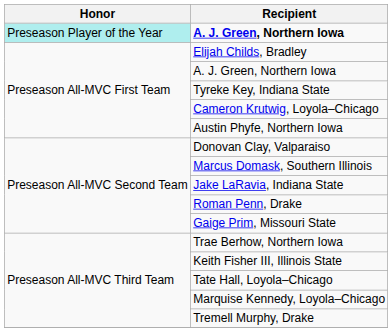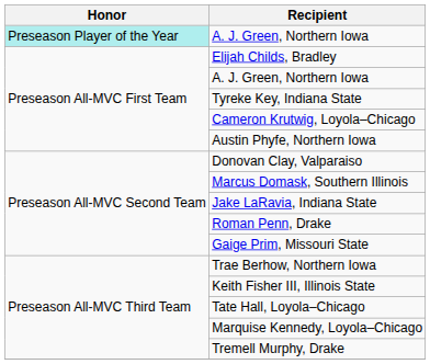 <table class="wikitable" border="1">
 <tr>
 <th>Honor</th>
 <th>Recipient</th>
 </tr>
 <tr>
 <td style="background: paleturquoise;">Preseason Player of the Year</td>
-<td><strong><a href='#'>A. J. Green</a>, Northern Iowa</strong></td>
+<td><a href='#'>A. J. Green</a>, Northern Iowa</td>
 </tr>
 <tr>
 <td rowspan=5 valign=middle>Preseason All-MVC First Team</td>
 <td><a href='#'>Elijah Childs</a>, Bradley</td>
 </tr>
 <tr>
 <td>A. J. Green, Northern Iowa</td>
 </tr>
 <tr>
 <td>Tyreke Key, Indiana State</td>
 </tr>
 <tr>
 <td><a href='#'>Cameron Krutwig</a>, Loyola–Chicago</td>
 </tr>
 <tr>
 <td>Austin Phyfe, Northern Iowa</td>
 </tr>
 <tr>
 <td rowspan=5 valign=middle>Preseason All-MVC Second Team</td>
 <td>Donovan Clay, Valparaiso</td>
 </tr>
 <tr>
 <td><a href='#'>Marcus Domask</a>, Southern Illinois</td>
 </tr>
 <tr>
 <td><a href='#'>Jake LaRavia</a>, Indiana State</td>
 </tr>
 <tr>
 <td><a href='#'>Roman Penn</a>, Drake</td>
 </tr>
 <tr>
 <td><a href='#'>Gaige Prim</a>, Missouri State</td>
 </tr>
 <tr>
 <td rowspan=5 valign=middle>Preseason All-MVC Third Team</td>
 <td>Trae Berhow, Northern Iowa</td>
 </tr>
 <tr>
 <td>Keith Fisher III, Illinois State</td>
 </tr>
 <tr>
 <td>Tate Hall, Loyola–Chicago</td>
 </tr>
 <tr>
 <td>Marquise Kennedy, Loyola–Chicago</td>
 </tr>
 <tr>
 <td>Tremell Murphy, Drake</td>
 </tr>
 <tr>
 </tr>
 </table>
